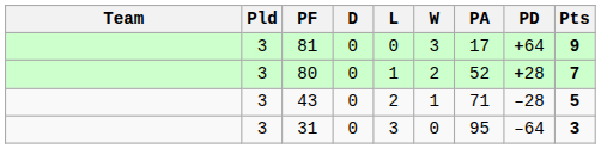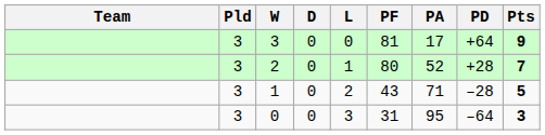 <table class="wikitable" style="text-align:center;">
 <tr>
 <th width=175>Team</th>
 <th width=25 abbr="Played">Pld</th>
-<th width=32 abbr="Points for">PF</th>
+<th width=25 abbr="Won">W</th>
 <th width=25 abbr="Drawn">D</th>
 <th width=25 abbr="Lost">L</th>
-<th width=25 abbr="Won">W</th>
+<th width=32 abbr="Points for">PF</th>
 <th width=32 abbr="Points against">PA</th>
 <th width=32 abbr="Points difference">PD</th>
 <th width=25 abbr="Points">Pts</th>
 </tr>
 <tr bgcolor=ccffcc>
 <td align=left></td>
 <td>3</td>
-<td>81</td>
+<td>3</td>
 <td>0</td>
 <td>0</td>
-<td>3</td>
+<td>81</td>
 <td>17</td>
 <td>+64</td>
 <td><strong>9</strong></td>
 </tr>
 <tr bgcolor=ccffcc>
 <td align=left></td>
 <td>3</td>
-<td>80</td>
+<td>2</td>
 <td>0</td>
 <td>1</td>
-<td>2</td>
+<td>80</td>
 <td>52</td>
 <td>+28</td>
 <td><strong>7</strong></td>
 </tr>
 <tr>
 <td align=left></td>
 <td>3</td>
-<td>43</td>
+<td>1</td>
 <td>0</td>
 <td>2</td>
-<td>1</td>
+<td>43</td>
 <td>71</td>
 <td>–28</td>
 <td><strong>5</strong></td>
 </tr>
 <tr>
 <td align=left></td>
 <td>3</td>
-<td>31</td>
+<td>0</td>
 <td>0</td>
 <td>3</td>
-<td>0</td>
+<td>31</td>
 <td>95</td>
 <td>–64</td>
 <td><strong>3</strong></td>
 </tr>
 </table>
